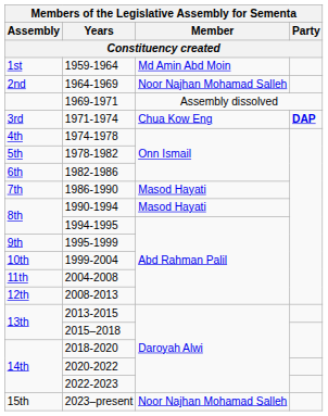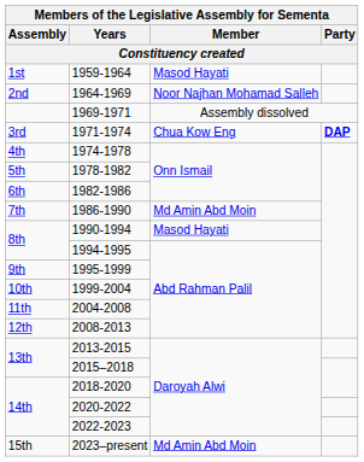 <table class=wikitable>
 <tr>
 <th colspan=4>Members of the Legislative Assembly for Sementa</th>
 </tr>
 <tr>
 <th>Assembly</th>
 <th>Years</th>
 <th>Member</th>
 <th>Party</th>
 </tr>
 <tr>
 <th colspan=4 align=center><em>Constituency created</em></th>
 </tr>
 <tr>
 <td><a href='#'>1st</a></td>
 <td>1959-1964</td>
-<td><a href='#'>Md Amin Abd Moin</a></td>
+<td><a href='#'>Masod Hayati</a></td>
 <td></td>
 </tr>
 <tr>
 <td><a href='#'>2nd</a></td>
 <td>1964-1969</td>
 <td><a href='#'>Noor Najhan Mohamad Salleh</a></td>
 <td></td>
 </tr>
 <tr>
 <td></td>
 <td>1969-1971</td>
 <td colspan=2 align=center>Assembly dissolved</td>
 </tr>
 <tr>
 <td><a href='#'>3rd</a></td>
 <td>1971-1974</td>
 <td><a href='#'>Chua Kow Eng</a></td>
 <td><strong><a href='#'>DAP</a></strong></td>
 </tr>
 <tr>
 <td><a href='#'>4th</a></td>
 <td>1974-1978</td>
 <td rowspan=3><a href='#'>Onn Ismail</a></td>
 <td rowspan=10></td>
 </tr>
 <tr>
 <td><a href='#'>5th</a></td>
 <td>1978-1982</td>
 </tr>
 <tr>
 <td><a href='#'>6th</a></td>
 <td>1982-1986</td>
 </tr>
 <tr>
 <td><a href='#'>7th</a></td>
 <td>1986-1990</td>
-<td><a href='#'>Masod Hayati</a></td>
+<td><a href='#'>Md Amin Abd Moin</a></td>
 </tr>
 <tr>
 <td rowspan=2><a href='#'>8th</a></td>
 <td>1990-1994</td>
 <td><a href='#'>Masod Hayati</a></td>
 </tr>
 <tr>
 <td>1994-1995</td>
 <td rowspan=5><a href='#'>Abd Rahman Palil</a></td>
 </tr>
 <tr>
 <td><a href='#'>9th</a></td>
 <td>1995-1999</td>
 </tr>
 <tr>
 <td><a href='#'>10th</a></td>
 <td>1999-2004</td>
 </tr>
 <tr>
 <td><a href='#'>11th</a></td>
 <td>2004-2008</td>
 </tr>
 <tr>
 <td><a href='#'>12th</a></td>
 <td>2008-2013</td>
 </tr>
 <tr>
 <td rowspan=2><a href='#'>13th</a></td>
 <td>2013-2015</td>
 <td rowspan=5><a href='#'>Daroyah Alwi</a></td>
 <td></td>
 </tr>
 <tr>
 <td>2015–2018</td>
 <td rowspan=2></td>
 </tr>
 <tr>
 <td rowspan=3><a href='#'>14th</a></td>
 <td>2018-2020</td>
 </tr>
 <tr>
 <td>2020-2022</td>
 <td></td>
 </tr>
 <tr>
 <td>2022-2023</td>
 <td></td>
 </tr>
 <tr>
 <td>15th</td>
 <td>2023–present</td>
-<td><a href='#'>Noor Najhan Mohamad Salleh</a></td>
+<td><a href='#'>Md Amin Abd Moin</a></td>
 <td></td>
 </tr>
 </table>
